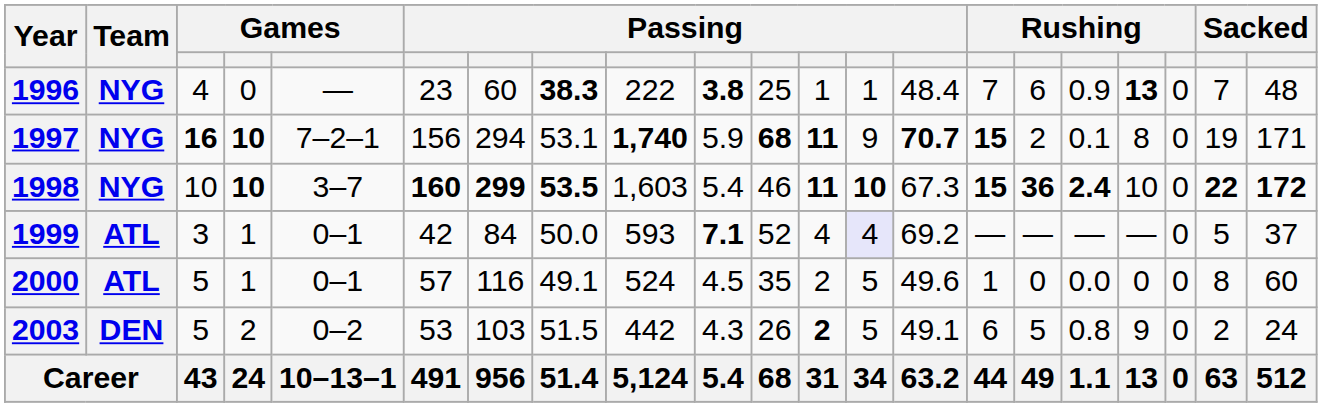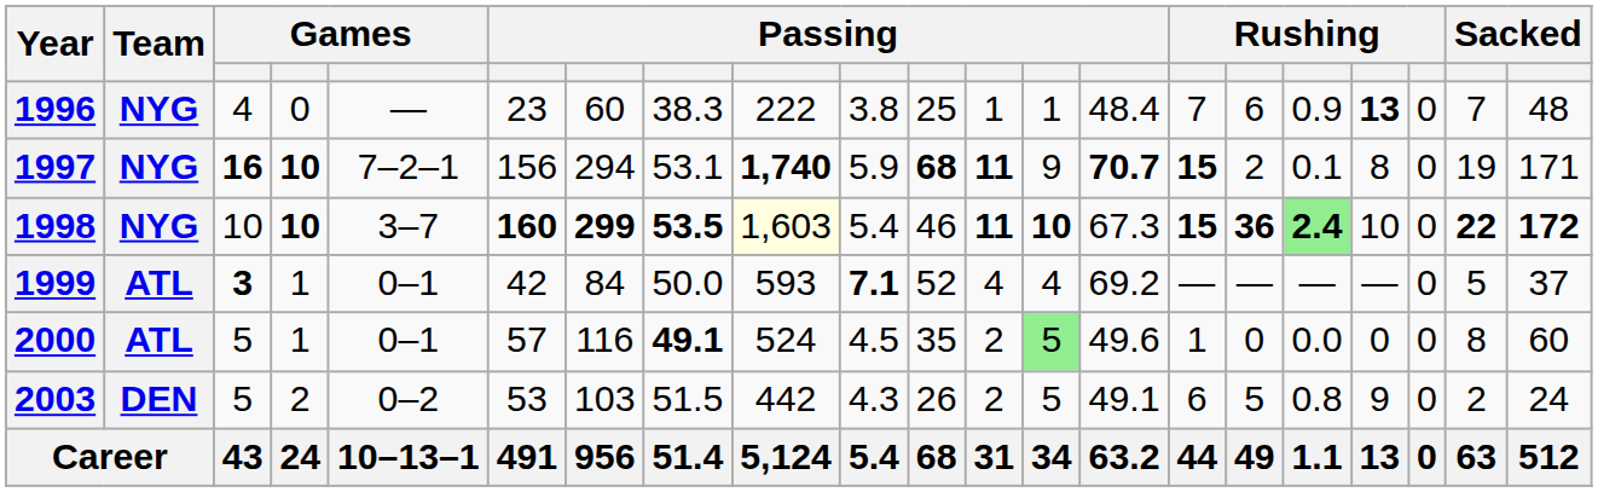 <table class="wikitable" style="text-align:center;">
 <tr>
 <th rowspan="2">Year</th>
 <th rowspan="2">Team</th>
 <th colspan="3">Games</th>
 <th colspan="9">Passing</th>
 <th colspan="5">Rushing</th>
 <th colspan="2">Sacked</th>
 </tr>
 <tr>
 <th></th>
 <th></th>
 <th></th>
 <th></th>
 <th></th>
 <th></th>
 <th></th>
 <th></th>
 <th></th>
 <th></th>
 <th></th>
 <th></th>
 <th></th>
 <th></th>
 <th></th>
 <th></th>
 <th></th>
 <th></th>
 <th></th>
 </tr>
 <tr>
 <th><a href='#'>1996</a></th>
 <th><a href='#'>NYG</a></th>
 <td>4</td>
 <td>0</td>
 <td>—</td>
 <td>23</td>
 <td>60</td>
-<td><strong>38.3</strong></td>
+<td>38.3</td>
 <td>222</td>
-<td><strong>3.8</strong></td>
+<td>3.8</td>
 <td>25</td>
 <td>1</td>
 <td>1</td>
 <td>48.4</td>
 <td>7</td>
 <td>6</td>
 <td>0.9</td>
 <td><strong>13</strong></td>
 <td>0</td>
 <td>7</td>
 <td>48</td>
 </tr>
 <tr>
 <th><a href='#'>1997</a></th>
 <th><a href='#'>NYG</a></th>
 <td><strong>16</strong></td>
 <td><strong>10</strong></td>
 <td>7–2–1</td>
 <td>156</td>
 <td>294</td>
 <td>53.1</td>
 <td><strong>1,740</strong></td>
 <td>5.9</td>
 <td><strong>68</strong></td>
 <td><strong>11</strong></td>
 <td>9</td>
 <td><strong>70.7</strong></td>
 <td><strong>15</strong></td>
 <td>2</td>
 <td>0.1</td>
 <td>8</td>
 <td>0</td>
 <td>19</td>
 <td>171</td>
 </tr>
 <tr>
 <th><a href='#'>1998</a></th>
 <th><a href='#'>NYG</a></th>
 <td>10</td>
 <td><strong>10</strong></td>
 <td>3–7</td>
 <td><strong>160</strong></td>
 <td><strong>299</strong></td>
 <td><strong>53.5</strong></td>
-<td>1,603</td>
+<td style="background: lightyellow;">1,603</td>
 <td>5.4</td>
 <td>46</td>
 <td><strong>11</strong></td>
 <td><strong>10</strong></td>
 <td>67.3</td>
 <td><strong>15</strong></td>
 <td><strong>36</strong></td>
-<td><strong>2.4</strong></td>
+<td style="background: lightgreen;"><strong>2.4</strong></td>
 <td>10</td>
 <td>0</td>
 <td><strong>22</strong></td>
 <td><strong>172</strong></td>
 </tr>
 <tr>
 <th><a href='#'>1999</a></th>
 <th><a href='#'>ATL</a></th>
-<td>3</td>
+<td><strong>3</strong></td>
 <td>1</td>
 <td>0–1</td>
 <td>42</td>
 <td>84</td>
 <td>50.0</td>
 <td>593</td>
 <td><strong>7.1</strong></td>
 <td>52</td>
 <td>4</td>
-<td style="background: lavender;">4</td>
+<td>4</td>
 <td>69.2</td>
 <td>—</td>
 <td>—</td>
 <td>—</td>
 <td>—</td>
 <td>0</td>
 <td>5</td>
 <td>37</td>
 </tr>
 <tr>
 <th><a href='#'>2000</a></th>
 <th><a href='#'>ATL</a></th>
 <td>5</td>
 <td>1</td>
 <td>0–1</td>
 <td>57</td>
 <td>116</td>
-<td>49.1</td>
+<td><strong>49.1</strong></td>
 <td>524</td>
 <td>4.5</td>
 <td>35</td>
 <td>2</td>
-<td>5</td>
+<td style="background: lightgreen;">5</td>
 <td>49.6</td>
 <td>1</td>
 <td>0</td>
 <td>0.0</td>
 <td>0</td>
 <td>0</td>
 <td>8</td>
 <td>60</td>
 </tr>
 <tr>
 <th><a href='#'>2003</a></th>
 <th><a href='#'>DEN</a></th>
 <td>5</td>
 <td>2</td>
 <td>0–2</td>
 <td>53</td>
 <td>103</td>
 <td>51.5</td>
 <td>442</td>
 <td>4.3</td>
 <td>26</td>
-<td><strong>2</strong></td>
+<td>2</td>
 <td>5</td>
 <td>49.1</td>
 <td>6</td>
 <td>5</td>
 <td>0.8</td>
 <td>9</td>
 <td>0</td>
 <td>2</td>
 <td>24</td>
 </tr>
 <tr>
 <th colspan="2">Career</th>
 <th>43</th>
 <th>24</th>
 <th>10–13–1</th>
 <th>491</th>
 <th>956</th>
 <th>51.4</th>
 <th>5,124</th>
 <th>5.4</th>
 <th>68</th>
 <th>31</th>
 <th>34</th>
 <th>63.2</th>
 <th>44</th>
 <th>49</th>
 <th>1.1</th>
 <th>13</th>
 <th>0</th>
 <th>63</th>
 <th>512</th>
 </tr>
 </table>
